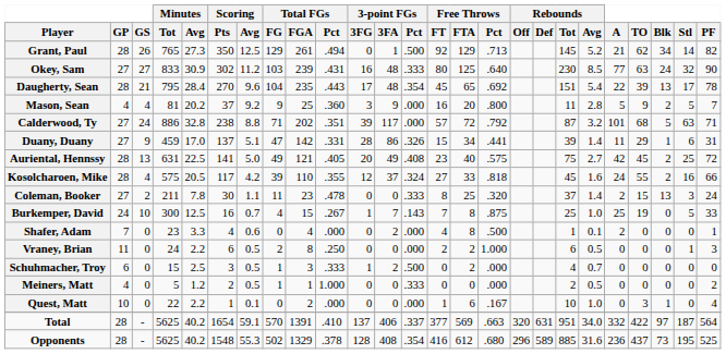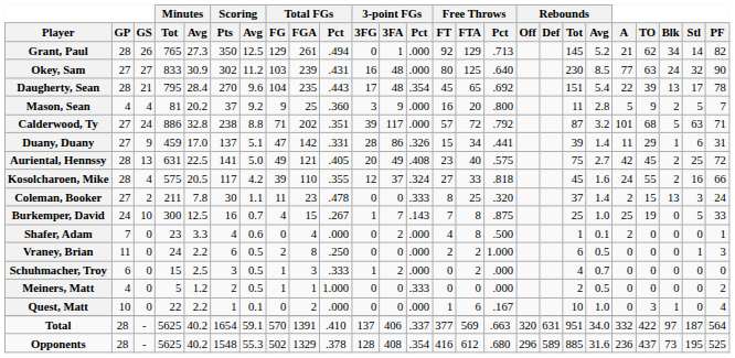 <table class="wikitable sortable" border="1" style="font-size:70%;">
 <tr>
 <th colspan="3" style="border-top-style:hidden; border-left-style:hidden; background: white;"></th>
 <th colspan="2">Minutes</th>
 <th colspan="2">Scoring</th>
 <th colspan="3">Total FGs</th>
 <th colspan="3">3-point FGs</th>
 <th colspan="3">Free Throws</th>
 <th colspan="4">Rebounds</th>
 <th colspan="5" style="border-top-style:hidden; border-right-style:hidden; background: white;"></th>
 </tr>
 <tr>
 <th scope="col">Player</th>
 <th scope="col">GP</th>
 <th scope="col">GS</th>
 <th scope="col">Tot</th>
 <th scope="col">Avg</th>
 <th scope="col">Pts</th>
 <th scope="col">Avg</th>
 <th scope="col">FG</th>
 <th scope="col">FGA</th>
 <th scope="col">Pct</th>
 <th scope="col">3FG</th>
 <th scope="col">3FA</th>
 <th scope="col">Pct</th>
 <th scope="col">FT</th>
 <th scope="col">FTA</th>
 <th scope="col">Pct</th>
 <th scope="col">Off</th>
 <th scope="col">Def</th>
 <th scope="col">Tot</th>
 <th scope="col">Avg</th>
 <th scope="col">A</th>
 <th scope="col">TO</th>
 <th scope="col">Blk</th>
 <th scope="col">Stl</th>
 <th scope="col">PF</th>
 </tr>
 <tr>
 <th style="white-space:nowrap">Grant, Paul</th>
 <td align="right">28</td>
 <td align="right">26</td>
 <td align="right">765</td>
 <td align="right">27.3</td>
 <td align="right">350</td>
 <td align="right">12.5</td>
 <td align="right">129</td>
 <td align="right">261</td>
 <td align="right">.494</td>
 <td align="right">0</td>
 <td align="right">1</td>
-<td align="right">.500</td>
+<td align="right">.000</td>
 <td align="right">92</td>
 <td align="right">129</td>
 <td align="right">.713</td>
 <td align="right"></td>
 <td align="right"></td>
 <td align="right">145</td>
 <td align="right">5.2</td>
 <td align="right">21</td>
 <td align="right">62</td>
 <td align="right">34</td>
 <td align="right">14</td>
 <td align="right">82</td>
 </tr>
 <tr>
 <th style="white-space:nowrap">Okey, Sam</th>
 <td align="right">27</td>
 <td align="right">27</td>
 <td align="right">833</td>
 <td align="right">30.9</td>
 <td align="right">302</td>
 <td align="right">11.2</td>
 <td align="right">103</td>
 <td align="right">239</td>
 <td align="right">.431</td>
 <td align="right">16</td>
 <td align="right">48</td>
-<td align="right">.333</td>
+<td align="right">.000</td>
 <td align="right">80</td>
 <td align="right">125</td>
 <td align="right">.640</td>
 <td align="right"></td>
 <td align="right"></td>
 <td align="right">230</td>
 <td align="right">8.5</td>
 <td align="right">77</td>
 <td align="right">63</td>
 <td align="right">24</td>
 <td align="right">32</td>
 <td align="right">90</td>
 </tr>
 <tr>
 <th style="white-space:nowrap">Daugherty, Sean</th>
 <td align="right">28</td>
 <td align="right">21</td>
 <td align="right">795</td>
 <td align="right">28.4</td>
 <td align="right">270</td>
 <td align="right">9.6</td>
 <td align="right">104</td>
 <td align="right">235</td>
 <td align="right">.443</td>
 <td align="right">17</td>
 <td align="right">48</td>
 <td align="right">.354</td>
 <td align="right">45</td>
 <td align="right">65</td>
 <td align="right">.692</td>
 <td align="right"></td>
 <td align="right"></td>
 <td align="right">151</td>
 <td align="right">5.4</td>
 <td align="right">22</td>
 <td align="right">39</td>
 <td align="right">13</td>
 <td align="right">17</td>
 <td align="right">78</td>
 </tr>
 <tr>
 <th style="white-space:nowrap">Mason, Sean</th>
 <td align="right">4</td>
 <td align="right">4</td>
 <td align="right">81</td>
 <td align="right">20.2</td>
 <td align="right">37</td>
 <td align="right">9.2</td>
 <td align="right">9</td>
 <td align="right">25</td>
 <td align="right">.360</td>
 <td align="right">3</td>
 <td align="right">9</td>
 <td align="right">.000</td>
 <td align="right">16</td>
 <td align="right">20</td>
 <td align="right">.800</td>
 <td align="right"></td>
 <td align="right"></td>
 <td align="right">11</td>
 <td align="right">2.8</td>
 <td align="right">5</td>
 <td align="right">9</td>
 <td align="right">2</td>
 <td align="right">5</td>
 <td align="right">7</td>
 </tr>
 <tr>
 <th style="white-space:nowrap">Calderwood, Ty</th>
 <td align="right">27</td>
 <td align="right">24</td>
 <td align="right">886</td>
 <td align="right">32.8</td>
 <td align="right">238</td>
 <td align="right">8.8</td>
 <td align="right">71</td>
 <td align="right">202</td>
 <td align="right">.351</td>
 <td align="right">39</td>
 <td align="right">117</td>
 <td align="right">.000</td>
 <td align="right">57</td>
 <td align="right">72</td>
 <td align="right">.792</td>
 <td align="right"></td>
 <td align="right"></td>
 <td align="right">87</td>
 <td align="right">3.2</td>
 <td align="right">101</td>
 <td align="right">68</td>
 <td align="right">5</td>
 <td align="right">63</td>
 <td align="right">71</td>
 </tr>
 <tr>
 <th style="white-space:nowrap">Duany, Duany</th>
 <td align="right">27</td>
 <td align="right">9</td>
 <td align="right">459</td>
 <td align="right">17.0</td>
 <td align="right">137</td>
 <td align="right">5.1</td>
 <td align="right">47</td>
 <td align="right">142</td>
 <td align="right">.331</td>
 <td align="right">28</td>
 <td align="right">86</td>
 <td align="right">.326</td>
 <td align="right">15</td>
 <td align="right">34</td>
 <td align="right">.441</td>
 <td align="right"></td>
 <td align="right"></td>
 <td align="right">39</td>
 <td align="right">1.4</td>
 <td align="right">11</td>
 <td align="right">29</td>
 <td align="right">1</td>
 <td align="right">6</td>
 <td align="right">31</td>
 </tr>
 <tr>
 <th style="white-space:nowrap">Auriental, Hennssy</th>
 <td align="right">28</td>
 <td align="right">13</td>
 <td align="right">631</td>
 <td align="right">22.5</td>
 <td align="right">141</td>
 <td align="right">5.0</td>
 <td align="right">49</td>
 <td align="right">121</td>
 <td align="right">.405</td>
 <td align="right">20</td>
 <td align="right">49</td>
 <td align="right">.408</td>
 <td align="right">23</td>
 <td align="right">40</td>
 <td align="right">.575</td>
 <td align="right"></td>
 <td align="right"></td>
 <td align="right">75</td>
 <td align="right">2.7</td>
 <td align="right">42</td>
 <td align="right">45</td>
 <td align="right">2</td>
 <td align="right">25</td>
 <td align="right">72</td>
 </tr>
 <tr>
 <th style="white-space:nowrap">Kosolcharoen, Mike</th>
 <td align="right">28</td>
 <td align="right">4</td>
 <td align="right">575</td>
 <td align="right">20.5</td>
 <td align="right">117</td>
 <td align="right">4.2</td>
 <td align="right">39</td>
 <td align="right">110</td>
 <td align="right">.355</td>
 <td align="right">12</td>
 <td align="right">37</td>
 <td align="right">.324</td>
 <td align="right">27</td>
 <td align="right">33</td>
 <td align="right">.818</td>
 <td align="right"></td>
 <td align="right"></td>
 <td align="right">45</td>
 <td align="right">1.6</td>
 <td align="right">24</td>
 <td align="right">55</td>
 <td align="right">2</td>
 <td align="right">16</td>
 <td align="right">66</td>
 </tr>
 <tr>
 <th style="white-space:nowrap">Coleman, Booker</th>
 <td align="right">27</td>
 <td align="right">2</td>
 <td align="right">211</td>
 <td align="right">7.8</td>
 <td align="right">30</td>
 <td align="right">1.1</td>
 <td align="right">11</td>
 <td align="right">23</td>
 <td align="right">.478</td>
 <td align="right">0</td>
 <td align="right">0</td>
 <td align="right">.333</td>
 <td align="right">8</td>
 <td align="right">25</td>
 <td align="right">.320</td>
 <td align="right"></td>
 <td align="right"></td>
 <td align="right">37</td>
 <td align="right">1.4</td>
 <td align="right">2</td>
 <td align="right">15</td>
 <td align="right">13</td>
 <td align="right">3</td>
 <td align="right">24</td>
 </tr>
 <tr>
 <th style="white-space:nowrap">Burkemper, David</th>
 <td align="right">24</td>
 <td align="right">10</td>
 <td align="right">300</td>
 <td align="right">12.5</td>
 <td align="right">16</td>
 <td align="right">0.7</td>
 <td align="right">4</td>
 <td align="right">15</td>
 <td align="right">.267</td>
 <td align="right">1</td>
 <td align="right">7</td>
 <td align="right">.143</td>
 <td align="right">7</td>
 <td align="right">8</td>
 <td align="right">.875</td>
 <td align="right"></td>
 <td align="right"></td>
 <td align="right">25</td>
 <td align="right">1.0</td>
 <td align="right">25</td>
 <td align="right">19</td>
 <td align="right">0</td>
 <td align="right">5</td>
 <td align="right">33</td>
 </tr>
 <tr>
 <th style="white-space:nowrap">Shafer, Adam</th>
 <td align="right">7</td>
 <td align="right">0</td>
 <td align="right">23</td>
 <td align="right">3.3</td>
 <td align="right">4</td>
 <td align="right">0.6</td>
 <td align="right">0</td>
 <td align="right">4</td>
 <td align="right">.000</td>
 <td align="right">0</td>
 <td align="right">2</td>
 <td align="right">.000</td>
 <td align="right">4</td>
 <td align="right">8</td>
 <td align="right">.500</td>
 <td align="right"></td>
 <td align="right"></td>
 <td align="right">1</td>
 <td align="right">0.1</td>
 <td align="right">2</td>
 <td align="right">0</td>
 <td align="right">0</td>
 <td align="right">0</td>
 <td align="right">1</td>
 </tr>
 <tr>
 <th style="white-space:nowrap">Vraney, Brian</th>
 <td align="right">11</td>
 <td align="right">0</td>
 <td align="right">24</td>
 <td align="right">2.2</td>
 <td align="right">6</td>
 <td align="right">0.5</td>
 <td align="right">2</td>
 <td align="right">8</td>
 <td align="right">.250</td>
 <td align="right">0</td>
 <td align="right">0</td>
 <td align="right">.000</td>
 <td align="right">2</td>
 <td align="right">2</td>
 <td align="right">1.000</td>
 <td align="right"></td>
 <td align="right"></td>
 <td align="right">6</td>
 <td align="right">0.5</td>
 <td align="right">0</td>
 <td align="right">0</td>
 <td align="right">0</td>
 <td align="right">1</td>
 <td align="right">3</td>
 </tr>
 <tr>
 <th style="white-space:nowrap">Schuhmacher, Troy</th>
 <td align="right">6</td>
 <td align="right">0</td>
 <td align="right">15</td>
 <td align="right">2.5</td>
 <td align="right">3</td>
 <td align="right">0.5</td>
 <td align="right">1</td>
 <td align="right">3</td>
 <td align="right">.333</td>
 <td align="right">1</td>
 <td align="right">2</td>
-<td align="right">.500</td>
+<td align="right">.000</td>
 <td align="right">0</td>
 <td align="right">2</td>
 <td align="right">.000</td>
 <td align="right"></td>
 <td align="right"></td>
 <td align="right">4</td>
 <td align="right">0.7</td>
 <td align="right">0</td>
 <td align="right">0</td>
 <td align="right">0</td>
 <td align="right">0</td>
 <td align="right">0</td>
 </tr>
 <tr>
 <th>Meiners, Matt</th>
 <td align="right">4</td>
 <td align="right">0</td>
 <td align="right">5</td>
 <td align="right">1.2</td>
 <td align="right">2</td>
 <td align="right">0.5</td>
 <td align="right">1</td>
 <td align="right">1</td>
 <td align="right">1.000</td>
 <td align="right">0</td>
 <td align="right">0</td>
 <td align="right">.333</td>
 <td align="right">0</td>
 <td align="right">0</td>
 <td align="right">.000</td>
 <td align="right"></td>
 <td align="right"></td>
 <td align="right">2</td>
 <td align="right">0.5</td>
 <td align="right">0</td>
 <td align="right">0</td>
 <td align="right">0</td>
 <td align="right">0</td>
 <td align="right">2</td>
 </tr>
 <tr>
 <th>Quest, Matt</th>
 <td align="right">10</td>
 <td align="right">0</td>
 <td align="right">22</td>
 <td align="right">2.2</td>
 <td align="right">1</td>
 <td align="right">0.1</td>
 <td align="right">0</td>
 <td align="right">2</td>
 <td align="right">.000</td>
 <td align="right">0</td>
 <td align="right">0</td>
 <td align="right">.000</td>
 <td align="right">1</td>
 <td align="right">6</td>
 <td align="right">.167</td>
 <td align="right"></td>
 <td align="right"></td>
 <td align="right">10</td>
 <td align="right">1.0</td>
 <td align="right">0</td>
 <td align="right">3</td>
 <td align="right">1</td>
 <td align="right">0</td>
 <td align="right">4</td>
 </tr>
 <tr>
 </tr>
 <tr class="sortbottom">
 <td align="center"><strong>Total</strong></td>
 <td align="center">28</td>
 <td align="center">-</td>
 <td align="center">5625</td>
 <td align="center">40.2</td>
 <td align="center">1654</td>
 <td align="center">59.1</td>
 <td align="center">570</td>
 <td align="center">1391</td>
 <td align="center">.410</td>
 <td align="center">137</td>
 <td align="center">406</td>
 <td align="center">.337</td>
 <td align="center">377</td>
 <td align="center">569</td>
 <td align="center">.663</td>
 <td align="center">320</td>
 <td align="center">631</td>
 <td align="center">951</td>
 <td align="center">34.0</td>
 <td align="center">332</td>
 <td align="center">422</td>
 <td align="center">97</td>
 <td align="center">187</td>
 <td align="center">564</td>
 </tr>
 <tr class="sortbottom">
 <td align="center"><strong>Opponents</strong></td>
 <td align="center">28</td>
 <td align="center">-</td>
 <td align="center">5625</td>
 <td align="center">40.2</td>
 <td align="center">1548</td>
 <td align="center">55.3</td>
 <td align="center">502</td>
 <td align="center">1329</td>
 <td align="center">.378</td>
 <td align="center">128</td>
 <td align="center">408</td>
 <td align="right">.354</td>
 <td align="center">416</td>
 <td align="center">612</td>
 <td align="center">.680</td>
 <td align="center">296</td>
 <td align="center">589</td>
 <td align="center">885</td>
 <td align="center">31.6</td>
 <td align="center">236</td>
 <td align="center">437</td>
 <td align="center">73</td>
 <td align="center">195</td>
 <td align="center">525</td>
 </tr>
 </table>
